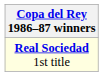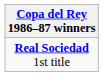 <table class="wikitable" style="text-align: center; margin: 0 auto;">
 <tr>
 <th><a href='#'>Copa del Rey</a><br>1986–87 winners</th>
 </tr>
 <tr>
-<td style="background: lightyellow;"><strong><a href='#'>Real Sociedad</a></strong><br>1st title</td>
+<td><strong><a href='#'>Real Sociedad</a></strong><br>1st title</td>
 </tr>
 </table>
